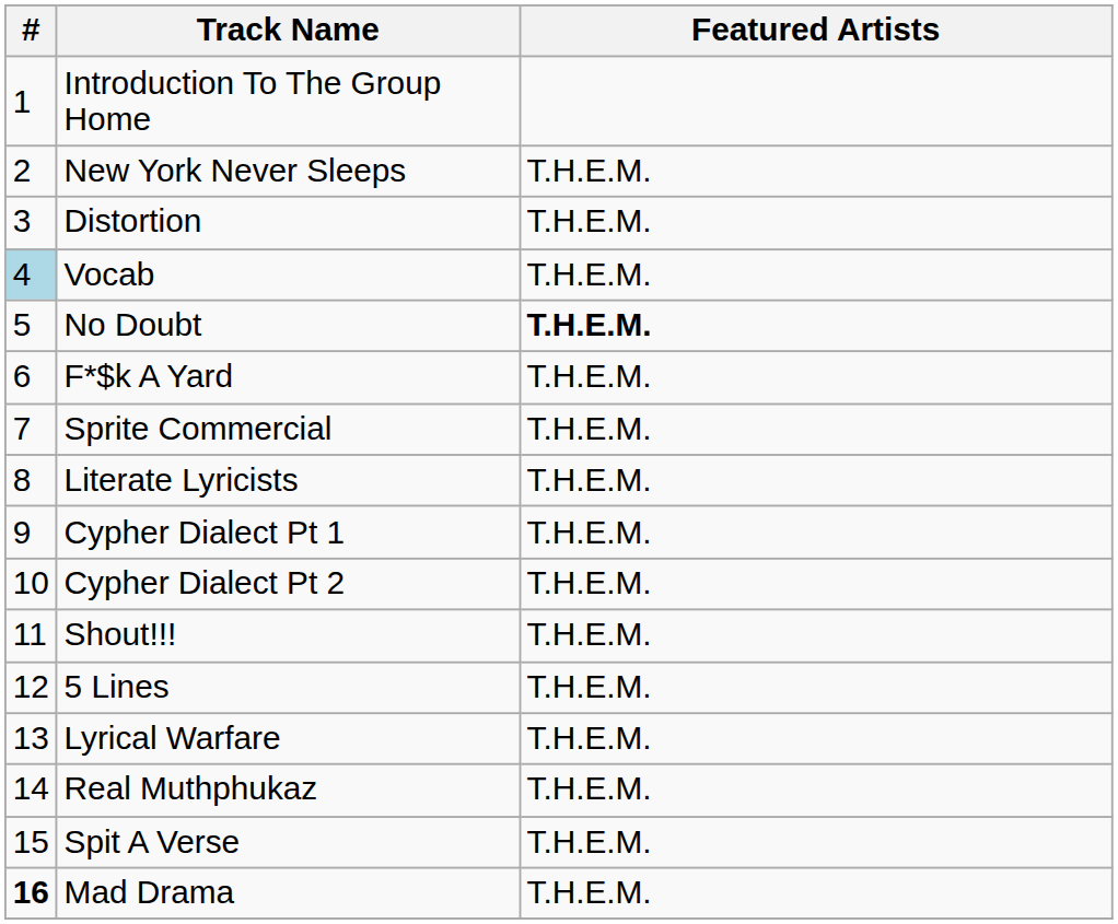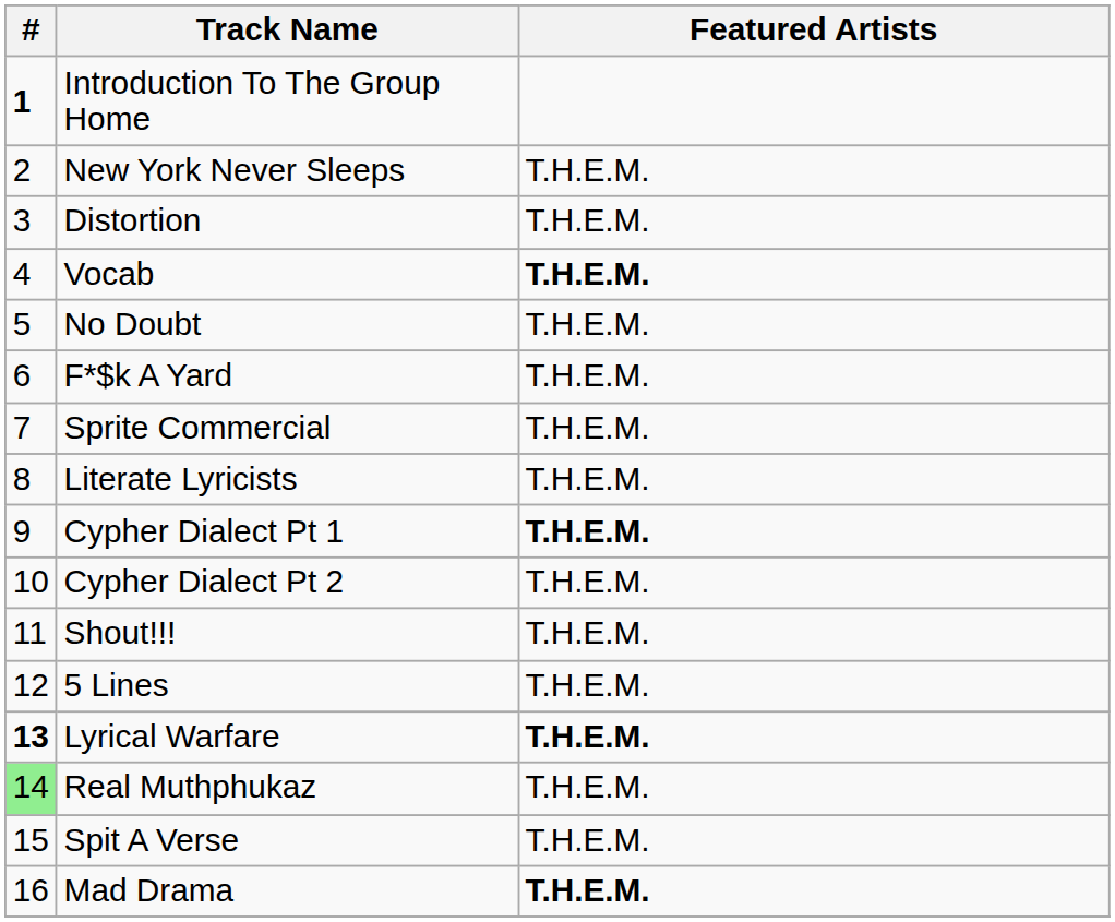 <table class="wikitable">
 <tr>
 <th>#</th>
 <th width="220">Track Name</th>
 <th width="284">Featured Artists</th>
 </tr>
 <tr>
-<td>1</td>
+<td><strong>1</strong></td>
 <td>Introduction To The Group Home</td>
 <td></td>
 </tr>
 <tr>
 <td>2</td>
 <td>New York Never Sleeps</td>
 <td>T.H.E.M.</td>
 </tr>
 <tr>
 <td>3</td>
 <td>Distortion</td>
 <td>T.H.E.M.</td>
 </tr>
 <tr>
-<td style="background: lightblue;">4</td>
+<td>4</td>
 <td>Vocab</td>
-<td>T.H.E.M.</td>
+<td><strong>T.H.E.M.</strong></td>
 </tr>
 <tr>
 <td>5</td>
 <td>No Doubt</td>
-<td><strong>T.H.E.M.</strong></td>
+<td>T.H.E.M.</td>
 </tr>
 <tr>
 <td>6</td>
 <td>F*$k A Yard</td>
 <td>T.H.E.M.</td>
 </tr>
 <tr>
 <td>7</td>
 <td>Sprite Commercial</td>
 <td>T.H.E.M.</td>
 </tr>
 <tr>
 <td>8</td>
 <td>Literate Lyricists</td>
 <td>T.H.E.M.</td>
 </tr>
 <tr>
 <td>9</td>
 <td>Cypher Dialect Pt 1</td>
-<td>T.H.E.M.</td>
+<td><strong>T.H.E.M.</strong></td>
 </tr>
 <tr>
 <td>10</td>
 <td>Cypher Dialect Pt 2</td>
 <td>T.H.E.M.</td>
 </tr>
 <tr>
 <td>11</td>
 <td>Shout!!!</td>
 <td>T.H.E.M.</td>
 </tr>
 <tr>
 <td>12</td>
 <td>5 Lines</td>
 <td>T.H.E.M.</td>
 </tr>
 <tr>
-<td>13</td>
+<td><strong>13</strong></td>
 <td>Lyrical Warfare</td>
-<td>T.H.E.M.</td>
+<td><strong>T.H.E.M.</strong></td>
 </tr>
 <tr>
-<td>14</td>
+<td style="background: lightgreen;">14</td>
 <td>Real Muthphukaz</td>
 <td>T.H.E.M.</td>
 </tr>
 <tr>
 <td>15</td>
 <td>Spit A Verse</td>
 <td>T.H.E.M.</td>
 </tr>
 <tr>
-<td><strong>16</strong></td>
+<td>16</td>
 <td>Mad Drama</td>
-<td>T.H.E.M.</td>
+<td><strong>T.H.E.M.</strong></td>
 </tr>
 <tr>
 </tr>
 </table>
